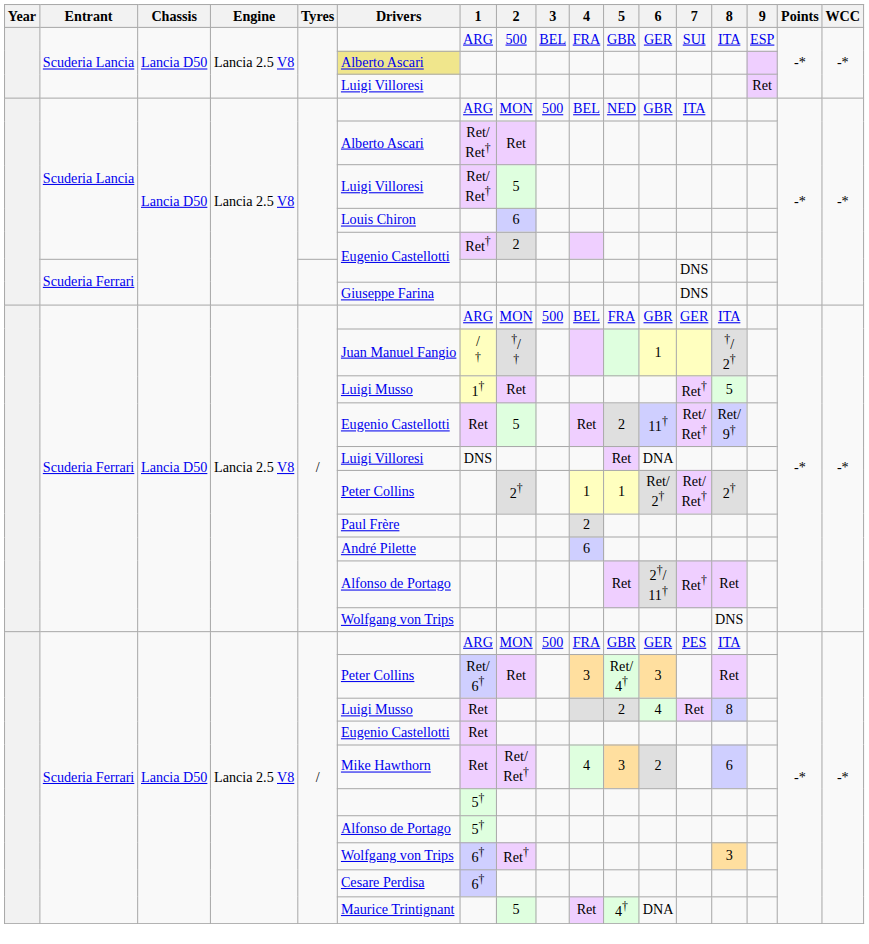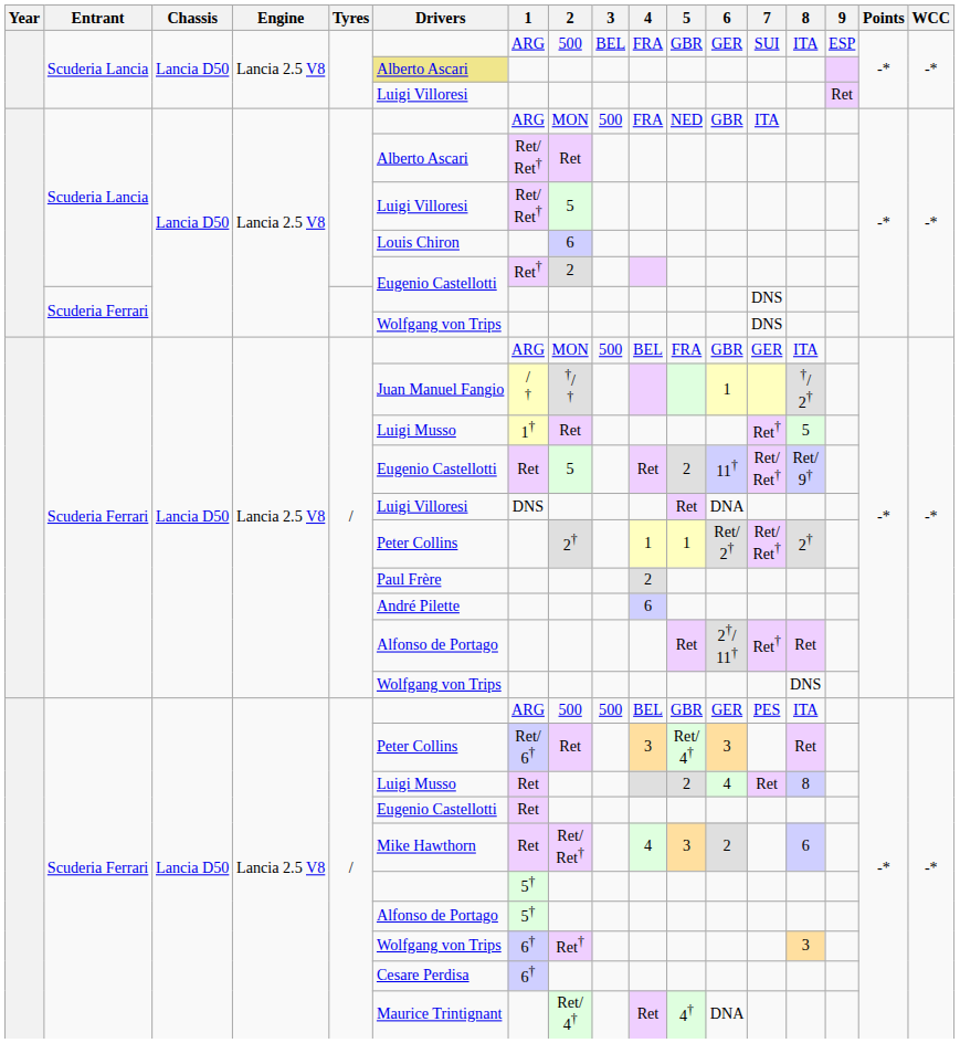 <table class="wikitable" style="text-align:center; font-size:85%">
 <tr>
 <th>Year</th>
 <th>Entrant</th>
 <th>Chassis</th>
 <th>Engine</th>
 <th>Tyres</th>
 <th>Drivers</th>
 <th>1</th>
 <th>2</th>
 <th>3</th>
 <th>4</th>
 <th>5</th>
 <th>6</th>
 <th>7</th>
 <th>8</th>
 <th>9</th>
 <th>Points</th>
 <th>WCC</th>
 </tr>
 <tr>
 <th rowspan="3"></th>
 <td rowspan="3"><a href='#'>Scuderia Lancia</a></td>
 <td rowspan="3"><a href='#'>Lancia D50</a></td>
 <td rowspan="3">Lancia 2.5 <a href='#'>V8</a></td>
 <td rowspan="3"></td>
 <td></td>
 <td><a href='#'>ARG</a></td>
 <td><a href='#'>500</a></td>
 <td><a href='#'>BEL</a></td>
 <td><a href='#'>FRA</a></td>
 <td><a href='#'>GBR</a></td>
 <td><a href='#'>GER</a></td>
 <td><a href='#'>SUI</a></td>
 <td><a href='#'>ITA</a></td>
 <td><a href='#'>ESP</a></td>
 <td rowspan="3">-*</td>
 <td rowspan="3">-*</td>
 </tr>
 <tr>
 <td align="left" style="background: khaki;"> <a href='#'>Alberto Ascari</a></td>
 <td></td>
 <td></td>
 <td></td>
 <td></td>
 <td></td>
 <td></td>
 <td></td>
 <td></td>
 <td style="background:#EFCFFF;"></td>
 </tr>
 <tr>
 <td align="left"> <a href='#'>Luigi Villoresi</a></td>
 <td></td>
 <td></td>
 <td></td>
 <td></td>
 <td></td>
 <td></td>
 <td></td>
 <td></td>
 <td style="background:#EFCFFF;">Ret</td>
 </tr>
 <tr>
 <th rowspan="7"></th>
 <td rowspan="5"><a href='#'>Scuderia Lancia</a></td>
 <td rowspan="7"><a href='#'>Lancia D50</a></td>
 <td rowspan="7">Lancia 2.5 <a href='#'>V8</a></td>
 <td rowspan="5"></td>
 <td></td>
 <td><a href='#'>ARG</a></td>
 <td><a href='#'>MON</a></td>
 <td><a href='#'>500</a></td>
-<td><a href='#'>BEL</a></td>
+<td><a href='#'>FRA</a></td>
 <td><a href='#'>NED</a></td>
 <td><a href='#'>GBR</a></td>
 <td><a href='#'>ITA</a></td>
 <td></td>
 <td></td>
 <td rowspan="7">-*</td>
 <td rowspan="7">-*</td>
 </tr>
 <tr>
 <td align="left"> <a href='#'>Alberto Ascari</a></td>
 <td style="background:#EFCFFF;">Ret/<br>Ret<sup>†</sup></td>
 <td style="background:#EFCFFF;">Ret</td>
 <td></td>
 <td></td>
 <td></td>
 <td></td>
 <td></td>
 <td></td>
 <td></td>
 </tr>
 <tr>
 <td align="left"> <a href='#'>Luigi Villoresi</a></td>
 <td style="background:#EFCFFF;">Ret/<br>Ret<sup>†</sup></td>
 <td style="background:#DFFFDF;">5</td>
 <td></td>
 <td></td>
 <td></td>
 <td></td>
 <td></td>
 <td></td>
 <td></td>
 </tr>
 <tr>
 <td align="left"> <a href='#'>Louis Chiron</a></td>
 <td></td>
 <td style="background:#CFCFFF;">6</td>
 <td></td>
 <td></td>
 <td></td>
 <td></td>
 <td></td>
 <td></td>
 <td></td>
 </tr>
 <tr>
 <td rowspan="2" align="left"> <a href='#'>Eugenio Castellotti</a></td>
 <td style="background:#EFCFFF;">Ret<sup>†</sup></td>
 <td style="background:#DFDFDF;">2</td>
 <td></td>
 <td style="background:#EFCFFF;"></td>
 <td></td>
 <td></td>
 <td></td>
 <td></td>
 <td></td>
 </tr>
 <tr>
 <td rowspan="2"><a href='#'>Scuderia Ferrari</a></td>
 <td rowspan="2"></td>
 <td></td>
 <td></td>
 <td></td>
 <td></td>
 <td></td>
 <td></td>
 <td>DNS</td>
 <td></td>
 <td></td>
 </tr>
 <tr>
-<td align="left"> <a href='#'>Giuseppe Farina</a></td>
+<td align="left"> <a href='#'>Wolfgang von Trips</a></td>
 <td></td>
 <td></td>
 <td></td>
 <td></td>
 <td></td>
 <td></td>
 <td>DNS</td>
 <td></td>
 <td></td>
 </tr>
 <tr>
 <th rowspan="10"></th>
 <td rowspan="10"><a href='#'>Scuderia Ferrari</a></td>
 <td rowspan="10"><a href='#'>Lancia D50</a></td>
 <td rowspan="10">Lancia 2.5 <a href='#'>V8</a></td>
 <td rowspan="10">/</td>
 <td></td>
 <td><a href='#'>ARG</a></td>
 <td><a href='#'>MON</a></td>
 <td><a href='#'>500</a></td>
 <td><a href='#'>BEL</a></td>
 <td><a href='#'>FRA</a></td>
 <td><a href='#'>GBR</a></td>
 <td><a href='#'>GER</a></td>
 <td><a href='#'>ITA</a></td>
 <td></td>
 <td rowspan="10">-*</td>
 <td rowspan="10">-*</td>
 </tr>
 <tr>
 <td align="left"> <a href='#'>Juan Manuel Fangio</a></td>
 <td style="background:#FFFFBF;">/<br><sup>†</sup></td>
 <td style="background:#DFDFDF;"><sup>†</sup>/<br><sup>†</sup></td>
 <td></td>
 <td style="background:#EFCFFF;"></td>
 <td style="background:#DFFFDF;"></td>
 <td style="background:#FFFFBF;">1</td>
 <td style="background:#FFFFBF;"></td>
 <td style="background:#DFDFDF;"><sup>†</sup>/<br>2<sup>†</sup></td>
 <td></td>
 </tr>
 <tr>
 <td align="left"> <a href='#'>Luigi Musso</a></td>
 <td style="background:#FFFFBF;">1<sup>†</sup></td>
 <td style="background:#EFCFFF;">Ret</td>
 <td></td>
 <td></td>
 <td></td>
 <td></td>
 <td style="background:#EFCFFF;">Ret<sup>†</sup></td>
 <td style="background:#DFFFDF;">5</td>
 <td></td>
 </tr>
 <tr>
 <td align="left"> <a href='#'>Eugenio Castellotti</a></td>
 <td style="background:#EFCFFF;">Ret</td>
 <td style="background:#DFFFDF;">5</td>
 <td></td>
 <td style="background:#EFCFFF;">Ret</td>
 <td style="background:#DFDFDF;">2</td>
 <td style="background:#CFCFFF;">11<sup>†</sup></td>
 <td style="background:#EFCFFF;">Ret/<br>Ret<sup>†</sup></td>
 <td style="background:#CFCFFF;">Ret/<br>9<sup>†</sup></td>
 <td></td>
 </tr>
 <tr>
 <td align="left"> <a href='#'>Luigi Villoresi</a></td>
 <td>DNS</td>
 <td></td>
 <td></td>
 <td></td>
 <td style="background:#EFCFFF;">Ret</td>
 <td>DNA</td>
 <td></td>
 <td></td>
 <td></td>
 </tr>
 <tr>
 <td align="left"> <a href='#'>Peter Collins</a></td>
 <td></td>
 <td style="background:#DFDFDF;">2<sup>†</sup></td>
 <td></td>
 <td style="background:#FFFFBF;">1</td>
 <td style="background:#FFFFBF;">1</td>
 <td style="background:#DFDFDF;">Ret/<br>2<sup>†</sup></td>
 <td style="background:#EFCFFF;">Ret/<br>Ret<sup>†</sup></td>
 <td style="background:#DFDFDF;">2<sup>†</sup></td>
 <td></td>
 </tr>
 <tr>
 <td align="left"> <a href='#'>Paul Frère</a></td>
 <td></td>
 <td></td>
 <td></td>
 <td style="background:#DFDFDF;">2</td>
 <td></td>
 <td></td>
 <td></td>
 <td></td>
 <td></td>
 </tr>
 <tr>
 <td align="left"> <a href='#'>André Pilette</a></td>
 <td></td>
 <td></td>
 <td></td>
 <td style="background:#CFCFFF;">6</td>
 <td></td>
 <td></td>
 <td></td>
 <td></td>
 <td></td>
 </tr>
 <tr>
 <td align="left"> <a href='#'>Alfonso de Portago</a></td>
 <td></td>
 <td></td>
 <td></td>
 <td></td>
 <td style="background:#EFCFFF;">Ret</td>
 <td style="background:#DFDFDF;">2<sup>†</sup>/<br>11<sup>†</sup></td>
 <td style="background:#EFCFFF;">Ret<sup>†</sup></td>
 <td style="background:#EFCFFF;">Ret</td>
 <td></td>
 </tr>
 <tr>
 <td align="left"> <a href='#'>Wolfgang von Trips</a></td>
 <td></td>
 <td></td>
 <td></td>
 <td></td>
 <td></td>
 <td></td>
 <td></td>
 <td>DNS</td>
 <td></td>
 </tr>
 <tr>
 <th rowspan="10"></th>
 <td rowspan="10"><a href='#'>Scuderia Ferrari</a></td>
 <td rowspan="10"><a href='#'>Lancia D50</a></td>
 <td rowspan="10">Lancia 2.5 <a href='#'>V8</a></td>
 <td rowspan="10">/</td>
 <td></td>
 <td><a href='#'>ARG</a></td>
-<td><a href='#'>MON</a></td>
 <td><a href='#'>500</a></td>
-<td><a href='#'>FRA</a></td>
+<td><a href='#'>500</a></td>
+<td><a href='#'>BEL</a></td>
 <td><a href='#'>GBR</a></td>
 <td><a href='#'>GER</a></td>
 <td><a href='#'>PES</a></td>
 <td><a href='#'>ITA</a></td>
 <td></td>
 <td rowspan="10">-*</td>
 <td rowspan="10">-*</td>
 </tr>
 <tr>
 <td align="left"> <a href='#'>Peter Collins</a></td>
 <td style="background:#CFCFFF;">Ret/<br>6<sup>†</sup></td>
 <td style="background:#EFCFFF;">Ret</td>
 <td></td>
 <td style="background:#FFDF9F;">3</td>
 <td style="background:#DFFFDF;">Ret/<br>4<sup>†</sup></td>
 <td style="background:#FFDF9F;">3</td>
 <td></td>
 <td style="background:#EFCFFF;">Ret</td>
 <td></td>
 </tr>
 <tr>
 <td align="left"> <a href='#'>Luigi Musso</a></td>
 <td style="background:#EFCFFF;">Ret</td>
 <td></td>
 <td></td>
 <td style="background:#DFDFDF;"></td>
 <td style="background:#DFDFDF;">2</td>
 <td style="background:#DFFFDF;">4</td>
 <td style="background:#EFCFFF;">Ret</td>
 <td style="background:#CFCFFF;">8</td>
 <td></td>
 </tr>
 <tr>
 <td align="left"> <a href='#'>Eugenio Castellotti</a></td>
 <td style="background:#EFCFFF;">Ret</td>
 <td></td>
 <td></td>
 <td></td>
 <td></td>
 <td></td>
 <td></td>
 <td></td>
 <td></td>
 </tr>
 <tr>
 <td align="left"> <a href='#'>Mike Hawthorn</a></td>
 <td style="background:#EFCFFF;">Ret</td>
 <td style="background:#EFCFFF;">Ret/<br>Ret<sup>†</sup></td>
 <td></td>
 <td style="background:#DFFFDF;">4</td>
 <td style="background:#FFDF9F;">3</td>
 <td style="background:#DFDFDF;">2</td>
 <td></td>
 <td style="background:#CFCFFF;">6</td>
 <td></td>
 </tr>
 <tr>
 <td align="left"></td>
 <td style="background:#DFFFDF;">5<sup>†</sup></td>
 <td></td>
 <td></td>
 <td></td>
 <td></td>
 <td></td>
 <td></td>
 <td></td>
 <td></td>
 </tr>
 <tr>
 <td align="left"> <a href='#'>Alfonso de Portago</a></td>
 <td style="background:#DFFFDF;">5<sup>†</sup></td>
 <td></td>
 <td></td>
 <td></td>
 <td></td>
 <td></td>
 <td></td>
 <td></td>
 <td></td>
 </tr>
 <tr>
 <td align="left"> <a href='#'>Wolfgang von Trips</a></td>
 <td style="background:#CFCFFF;">6<sup>†</sup></td>
 <td style="background:#EFCFFF;">Ret<sup>†</sup></td>
 <td></td>
 <td></td>
 <td></td>
 <td></td>
 <td></td>
 <td style="background:#FFDF9F;">3</td>
 <td></td>
 </tr>
 <tr>
 <td align="left"> <a href='#'>Cesare Perdisa</a></td>
 <td style="background:#CFCFFF;">6<sup>†</sup></td>
 <td></td>
 <td></td>
 <td></td>
 <td></td>
 <td></td>
 <td></td>
 <td></td>
 <td></td>
 </tr>
 <tr>
 <td align="left"> <a href='#'>Maurice Trintignant</a></td>
 <td></td>
-<td style="background:#DFFFDF;">5</td>
+<td style="background:#DFFFDF;">Ret/<br>4<sup>†</sup></td>
 <td></td>
 <td style="background:#EFCFFF;">Ret</td>
 <td style="background:#DFFFDF;">4<sup>†</sup></td>
 <td>DNA</td>
 <td></td>
 <td></td>
 <td></td>
 </tr>
 <tr>
 </tr>
 </table>
